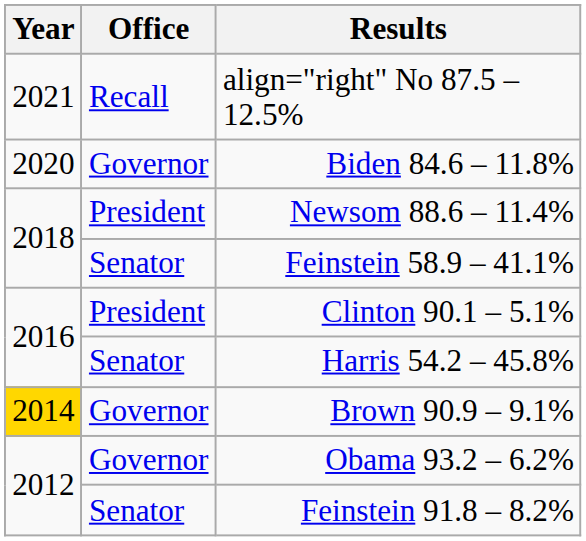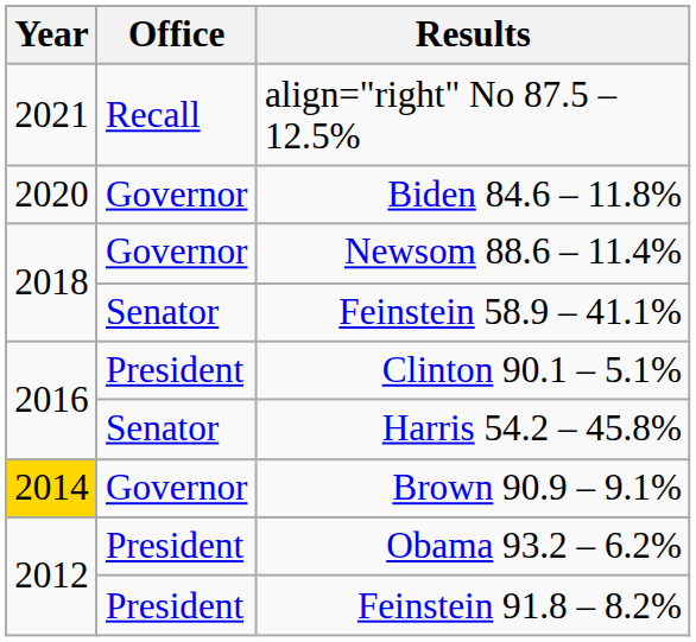 <table class=wikitable>
 <tr>
 <th width="30">Year</th>
 <th width="60">Office</th>
 <th width="180">Results</th>
 </tr>
 <tr>
 <td>2021</td>
 <td><a href='#'>Recall</a></td>
 <td>align="right"  No 87.5 – 12.5%</td>
 </tr>
 <tr>
 <td rowspan="1">2020</td>
 <td><a href='#'>Governor</a></td>
 <td align="right" ><a href='#'>Biden</a> 84.6 – 11.8%</td>
 </tr>
 <tr>
 <td rowspan="2">2018</td>
-<td><a href='#'>President</a></td>
+<td><a href='#'>Governor</a></td>
 <td align="right" ><a href='#'>Newsom</a> 88.6 – 11.4%</td>
 </tr>
 <tr>
 <td><a href='#'>Senator</a></td>
 <td align="right" ><a href='#'>Feinstein</a> 58.9 – 41.1%</td>
 </tr>
 <tr>
 <td rowspan="2">2016</td>
 <td><a href='#'>President</a></td>
 <td align="right" ><a href='#'>Clinton</a> 90.1 – 5.1%</td>
 </tr>
 <tr>
 <td><a href='#'>Senator</a></td>
 <td align="right" ><a href='#'>Harris</a> 54.2 – 45.8%</td>
 </tr>
 <tr>
 <td style="background: gold;">2014</td>
 <td><a href='#'>Governor</a></td>
 <td align="right" ><a href='#'>Brown</a> 90.9 – 9.1%</td>
 </tr>
 <tr>
 <td rowspan="2">2012</td>
-<td><a href='#'>Governor</a></td>
+<td><a href='#'>President</a></td>
 <td align="right" ><a href='#'>Obama</a> 93.2 – 6.2%</td>
 </tr>
 <tr>
-<td><a href='#'>Senator</a></td>
+<td><a href='#'>President</a></td>
 <td align="right" ><a href='#'>Feinstein</a> 91.8 – 8.2%</td>
 </tr>
 </table>
